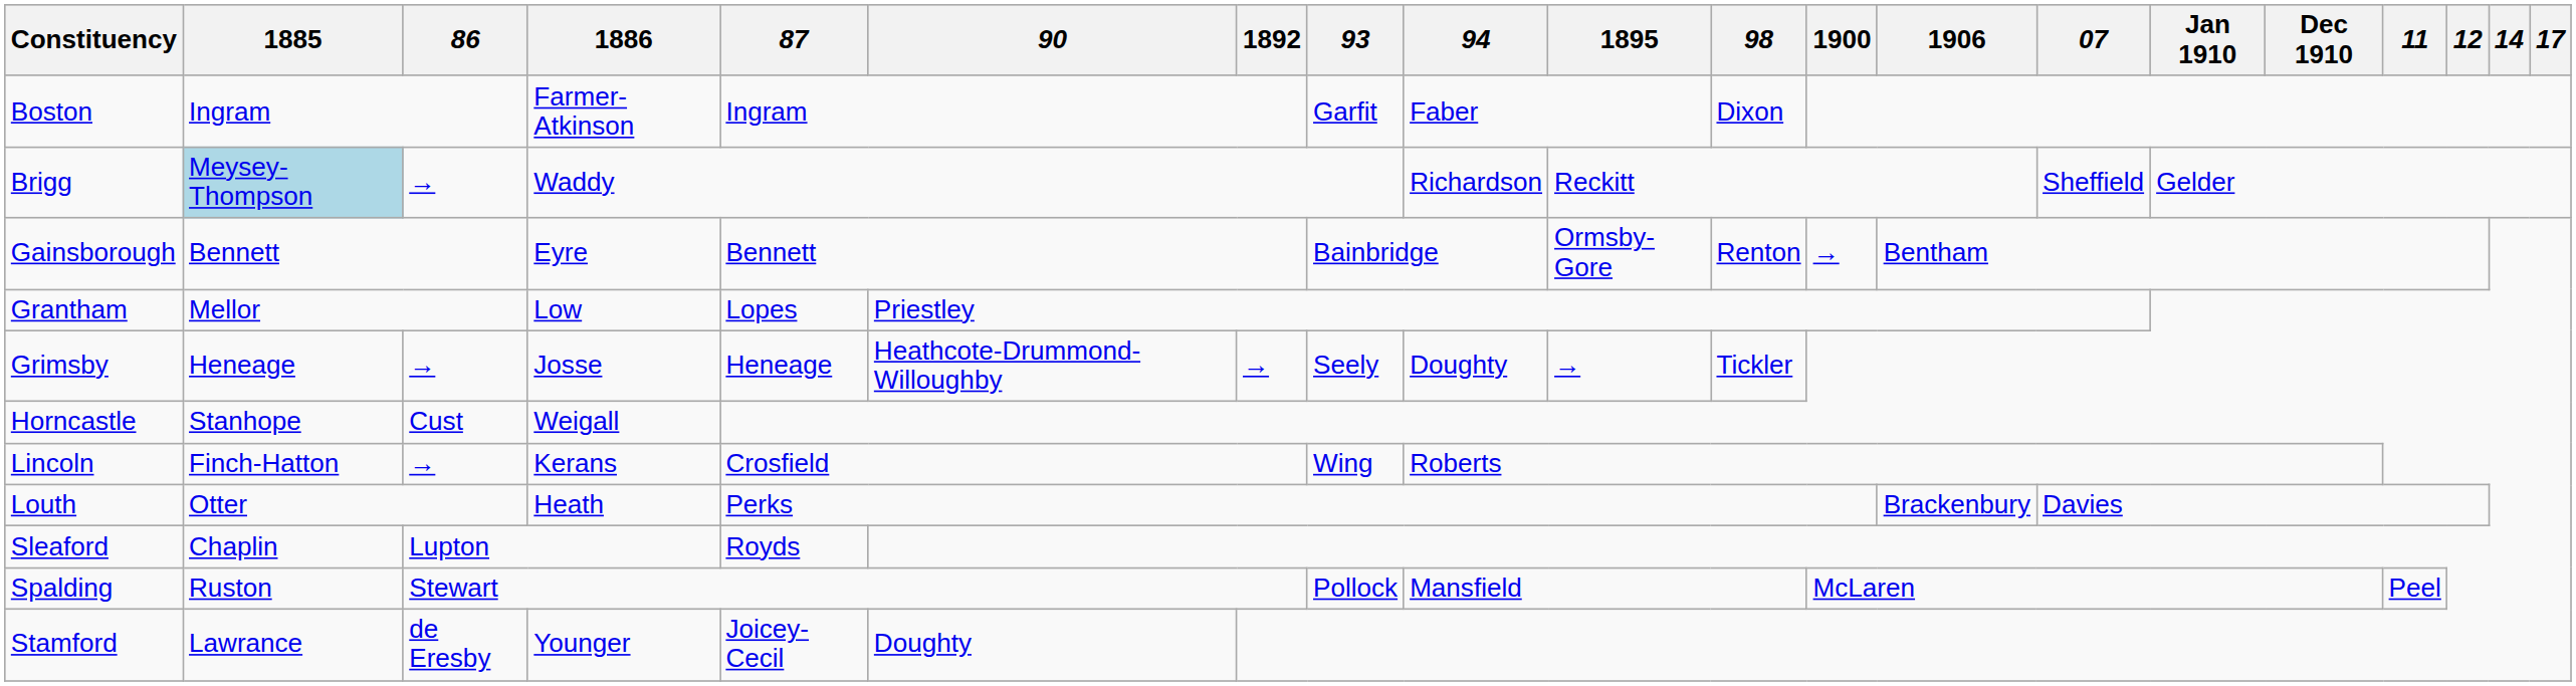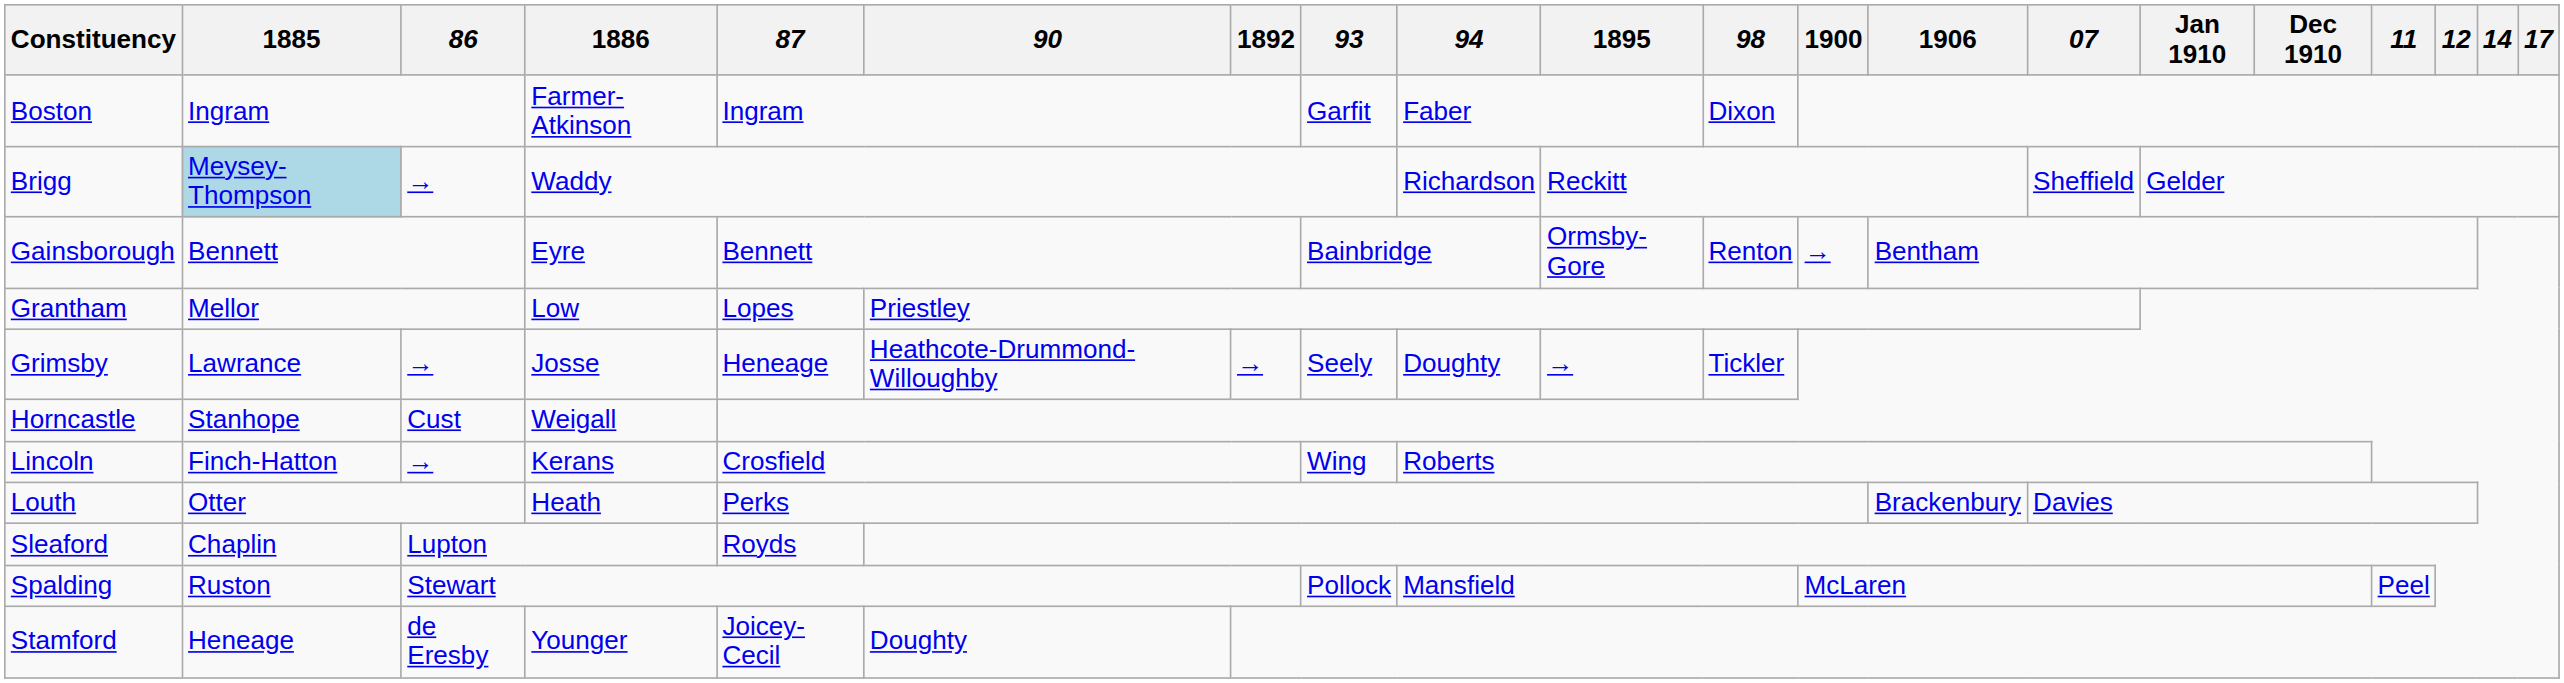 <table class="wikitable">
 <tr>
 <th>Constituency</th>
 <th>1885</th>
 <th><em>86</em></th>
 <th>1886</th>
 <th><em>87</em></th>
 <th><em>90</em></th>
 <th>1892</th>
 <th><em>93</em></th>
 <th><em>94</em></th>
 <th>1895</th>
 <th><em>98</em></th>
 <th>1900</th>
 <th>1906</th>
 <th><em>07</em></th>
 <th>Jan 1910</th>
 <th>Dec 1910</th>
 <th><em>11</em></th>
 <th><em>12</em></th>
 <th><em>14</em></th>
 <th><em>17</em></th>
 </tr>
 <tr>
 <td><a href='#'>Boston</a></td>
 <td colspan="2"><a href='#'>Ingram</a></td>
 <td><a href='#'>Farmer-Atkinson</a></td>
 <td colspan="3"><a href='#'>Ingram</a></td>
 <td><a href='#'>Garfit</a></td>
 <td colspan="2"><a href='#'>Faber</a></td>
 <td><a href='#'>Dixon</a></td>
 </tr>
 <tr>
 <td><a href='#'>Brigg</a></td>
 <td style="background: lightblue;"><a href='#'>Meysey-Thompson</a></td>
 <td><a href='#'>→</a></td>
 <td colspan="5"><a href='#'>Waddy</a></td>
 <td><a href='#'>Richardson</a></td>
 <td colspan="4"><a href='#'>Reckitt</a></td>
 <td><a href='#'>Sheffield</a></td>
 <td colspan="6"><a href='#'>Gelder</a></td>
 </tr>
 <tr>
 <td><a href='#'>Gainsborough</a></td>
 <td colspan="2"><a href='#'>Bennett</a></td>
 <td><a href='#'>Eyre</a></td>
 <td colspan="3"><a href='#'>Bennett</a></td>
 <td colspan="2"><a href='#'>Bainbridge</a></td>
 <td><a href='#'>Ormsby-Gore</a></td>
 <td><a href='#'>Renton</a></td>
 <td><a href='#'>→</a></td>
 <td colspan="6"><a href='#'>Bentham</a></td>
 </tr>
 <tr>
 <td><a href='#'>Grantham</a></td>
 <td colspan="2"><a href='#'>Mellor</a></td>
 <td><a href='#'>Low</a></td>
 <td><a href='#'>Lopes</a></td>
 <td colspan="9"><a href='#'>Priestley</a></td>
 </tr>
 <tr>
 <td><a href='#'>Grimsby</a></td>
-<td><a href='#'>Heneage</a></td>
+<td><a href='#'>Lawrance</a></td>
 <td><a href='#'>→</a></td>
 <td><a href='#'>Josse</a></td>
 <td><a href='#'>Heneage</a></td>
 <td><a href='#'>Heathcote-Drummond-Willoughby</a></td>
 <td><a href='#'>→</a></td>
 <td><a href='#'>Seely</a></td>
 <td><a href='#'>Doughty</a></td>
 <td><a href='#'>→</a></td>
 <td><a href='#'>Tickler</a></td>
 </tr>
 <tr>
 <td><a href='#'>Horncastle</a></td>
 <td><a href='#'>Stanhope</a></td>
 <td><a href='#'>Cust</a></td>
 <td><a href='#'>Weigall</a></td>
 </tr>
 <tr>
 <td><a href='#'>Lincoln</a></td>
 <td><a href='#'>Finch-Hatton</a></td>
 <td><a href='#'>→</a></td>
 <td><a href='#'>Kerans</a></td>
 <td colspan="3"><a href='#'>Crosfield</a></td>
 <td><a href='#'>Wing</a></td>
 <td colspan="8"><a href='#'>Roberts</a></td>
 </tr>
 <tr>
 <td><a href='#'>Louth</a></td>
 <td colspan="2"><a href='#'>Otter</a></td>
 <td><a href='#'>Heath</a></td>
 <td colspan="8"><a href='#'>Perks</a></td>
 <td><a href='#'>Brackenbury</a></td>
 <td colspan="5"><a href='#'>Davies</a></td>
 </tr>
 <tr>
 <td><a href='#'>Sleaford</a></td>
 <td><a href='#'>Chaplin</a></td>
 <td colspan="2"><a href='#'>Lupton</a></td>
 <td><a href='#'>Royds</a></td>
 </tr>
 <tr>
 <td><a href='#'>Spalding</a></td>
 <td><a href='#'>Ruston</a></td>
 <td colspan="5"><a href='#'>Stewart</a></td>
 <td><a href='#'>Pollock</a></td>
 <td colspan="3"><a href='#'>Mansfield</a></td>
 <td colspan="5"><a href='#'>McLaren</a></td>
 <td><a href='#'>Peel</a></td>
 </tr>
 <tr>
 <td><a href='#'>Stamford</a></td>
-<td><a href='#'>Lawrance</a></td>
+<td><a href='#'>Heneage</a></td>
 <td><a href='#'>de Eresby</a></td>
 <td><a href='#'>Younger</a></td>
 <td><a href='#'>Joicey-Cecil</a></td>
 <td bgcolor=><a href='#'>Doughty</a></td>
 </tr>
 </table>
